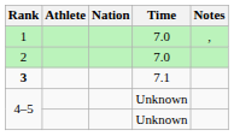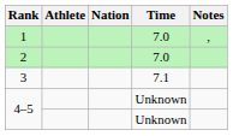 <table class="wikitable sortable" style="text-align:center">
 <tr>
 <th>Rank</th>
 <th>Athlete</th>
 <th>Nation</th>
 <th>Time</th>
 <th>Notes</th>
 </tr>
 <tr style="background:#bbf3bb;">
 <td>1</td>
 <td align=left></td>
 <td align=left></td>
 <td>7.0</td>
 <td>, </td>
 </tr>
 <tr style="background:#bbf3bb;">
 <td>2</td>
 <td align=left></td>
 <td align=left></td>
 <td>7.0</td>
 <td></td>
 </tr>
 <tr>
-<td><strong>3</strong></td>
+<td>3</td>
 <td align=left></td>
 <td align=left></td>
 <td>7.1</td>
 <td></td>
 </tr>
 <tr>
 <td rowspan=2>4–5</td>
 <td align=left></td>
 <td align=left></td>
 <td>Unknown</td>
 <td></td>
 </tr>
 <tr>
 <td align=left></td>
 <td align=left></td>
 <td>Unknown</td>
 <td></td>
 </tr>
 </table>
